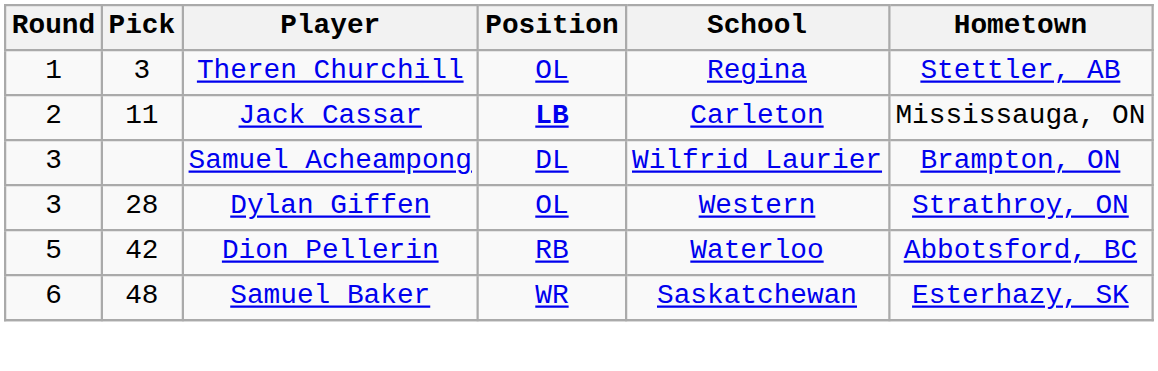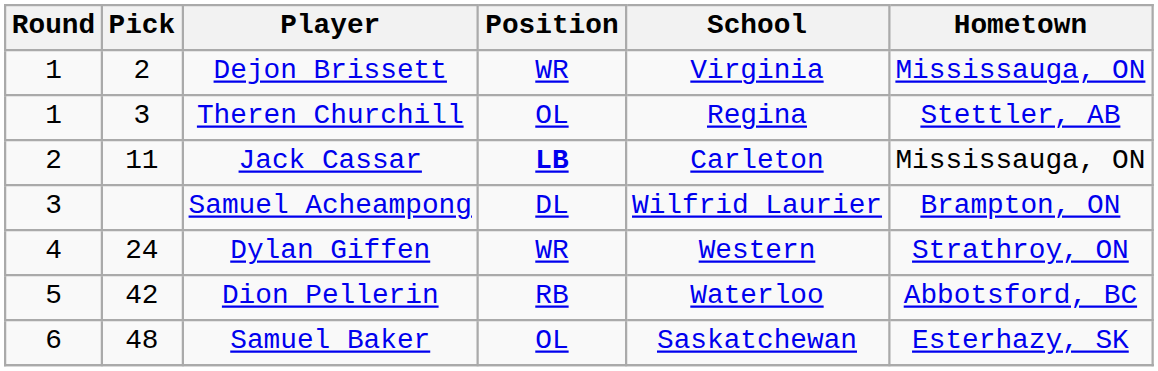 <table class="wikitable" style="font-size: 95%;">
 <tr>
 <th scope="col">Round</th>
 <th scope="col">Pick</th>
 <th scope="col">Player</th>
 <th scope="col">Position</th>
 <th scope="col">School</th>
 <th scope="col">Hometown</th>
+</tr>
+<tr align="center">
+<td align=center>1</td>
+<td>2</td>
+<td><a href='#'>Dejon Brissett</a></td>
+<td><a href='#'>WR</a></td>
+<td><a href='#'>Virginia</a></td>
+<td><a href='#'>Mississauga, ON</a></td>
 </tr>
 <tr align="center">
 <td align=center>1</td>
 <td>3</td>
 <td><a href='#'>Theren Churchill</a></td>
 <td><a href='#'>OL</a></td>
 <td><a href='#'>Regina</a></td>
 <td><a href='#'>Stettler, AB</a></td>
 </tr>
 <tr align="center">
 <td align=center>2</td>
 <td>11</td>
 <td><a href='#'>Jack Cassar</a></td>
 <td><strong><a href='#'>LB</a></strong></td>
 <td><a href='#'>Carleton</a></td>
 <td>Mississauga, ON</td>
 </tr>
 <tr align="center">
 <td align=center>3</td>
 <td></td>
 <td><a href='#'>Samuel Acheampong</a></td>
 <td><a href='#'>DL</a></td>
 <td><a href='#'>Wilfrid Laurier</a></td>
 <td><a href='#'>Brampton, ON</a></td>
 </tr>
 <tr align="center">
-<td align=center>3</td>
-<td>28</td>
+<td align=center>4</td>
+<td>24</td>
 <td><a href='#'>Dylan Giffen</a></td>
-<td><a href='#'>OL</a></td>
+<td><a href='#'>WR</a></td>
 <td><a href='#'>Western</a></td>
 <td><a href='#'>Strathroy, ON</a></td>
 </tr>
 <tr align="center">
 <td align=center>5</td>
 <td>42</td>
 <td><a href='#'>Dion Pellerin</a></td>
 <td><a href='#'>RB</a></td>
 <td><a href='#'>Waterloo</a></td>
 <td><a href='#'>Abbotsford, BC</a></td>
 </tr>
 <tr align="center">
 <td align=center>6</td>
 <td>48</td>
 <td><a href='#'>Samuel Baker</a></td>
-<td><a href='#'>WR</a></td>
+<td><a href='#'>OL</a></td>
 <td><a href='#'>Saskatchewan</a></td>
 <td><a href='#'>Esterhazy, SK</a></td>
 </tr>
 <tr>
 </tr>
 </table>
